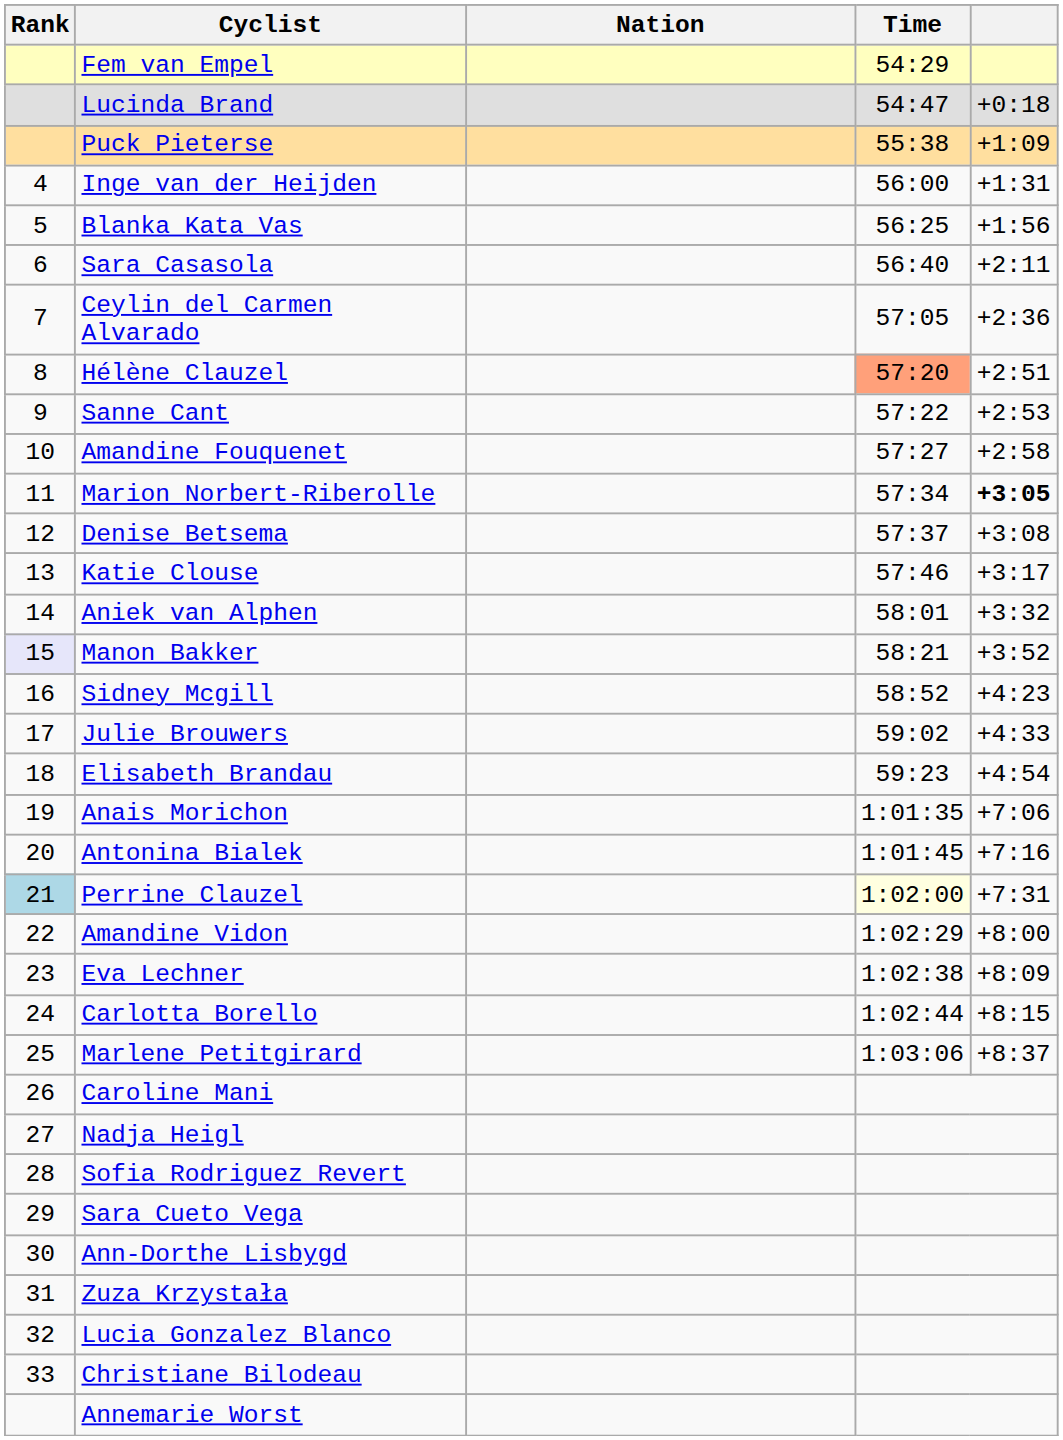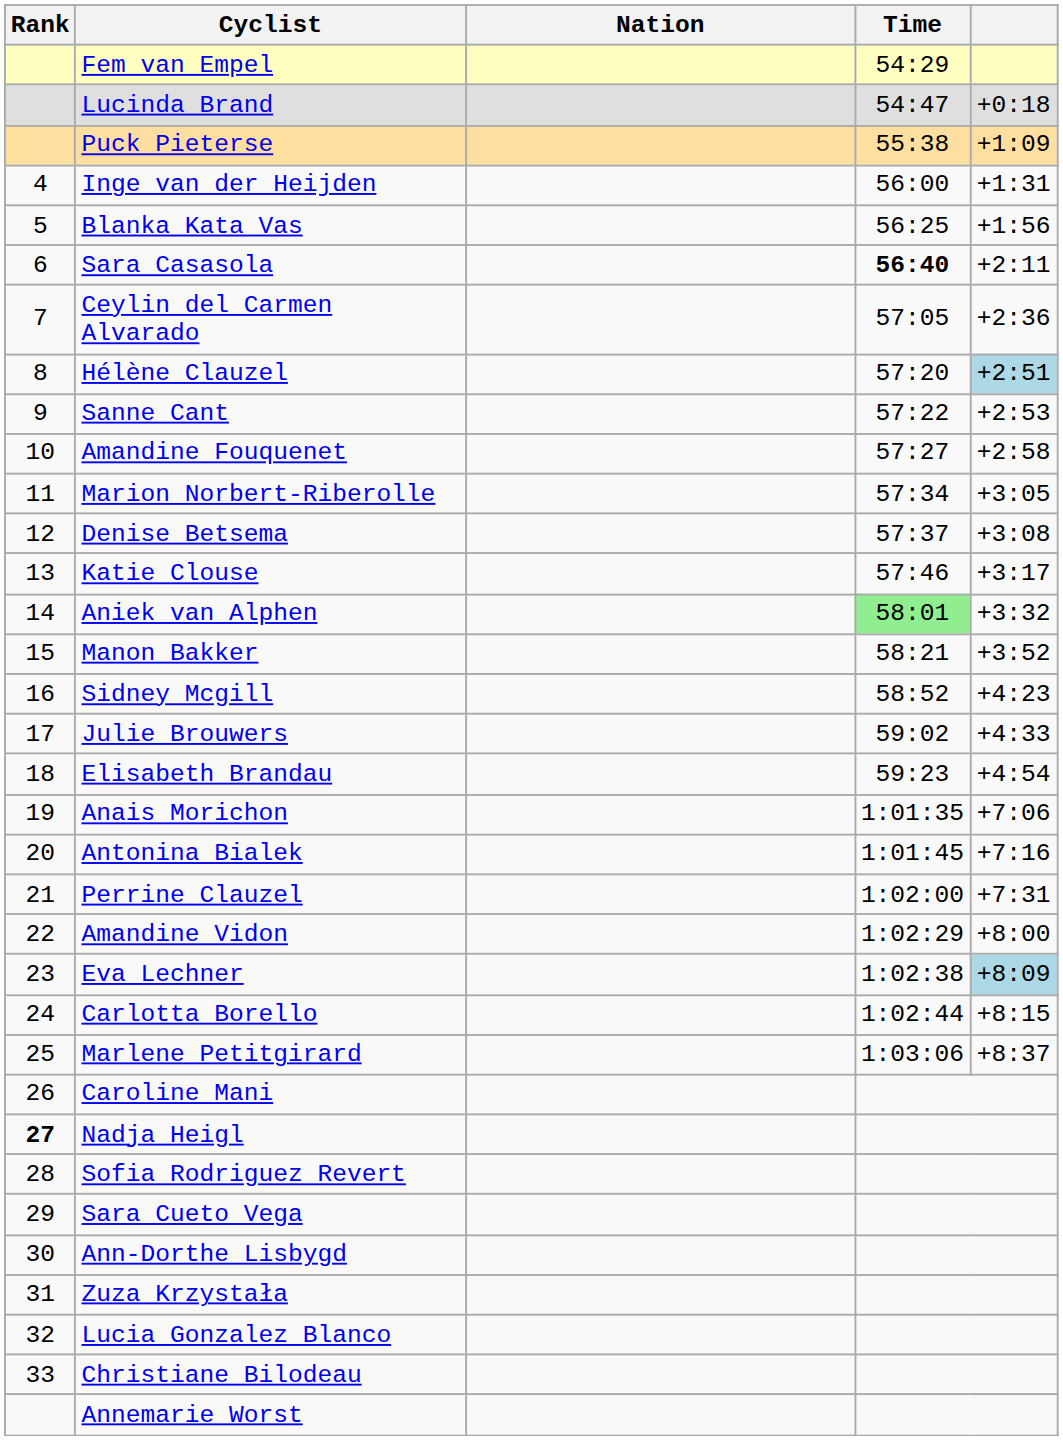 <table class="wikitable sortable" style="text-align:center">
 <tr style="background:#efefef;">
 <th width="30">Rank</th>
 <th width="200">Cyclist</th>
 <th width="200">Nation</th>
 <th width="40">Time</th>
 <th width="40"></th>
 </tr>
 <tr style="background:#FFFFBF;">
 <td></td>
 <td align="left"><a href='#'>Fem van Empel</a></td>
 <td align="left"></td>
 <td>54:29</td>
 <td></td>
 </tr>
 <tr style="background:#DFDFDF;">
 <td></td>
 <td align="left"><a href='#'>Lucinda Brand</a></td>
 <td align="left"></td>
 <td>54:47</td>
 <td>+0:18</td>
 </tr>
 <tr style="background:#FFDF9F;">
 <td></td>
 <td align="left"><a href='#'>Puck Pieterse</a></td>
 <td align="left"></td>
 <td>55:38</td>
 <td>+1:09</td>
 </tr>
 <tr>
 <td>4</td>
 <td align="left"><a href='#'>Inge van der Heijden</a></td>
 <td align="left"></td>
 <td>56:00</td>
 <td>+1:31</td>
 </tr>
 <tr>
 <td>5</td>
 <td align="left"><a href='#'>Blanka Kata Vas</a></td>
 <td align="left"></td>
 <td>56:25</td>
 <td>+1:56</td>
 </tr>
 <tr>
 <td>6</td>
 <td align="left"><a href='#'>Sara Casasola</a></td>
 <td align="left"></td>
-<td>56:40</td>
+<td><strong>56:40</strong></td>
 <td>+2:11</td>
 </tr>
 <tr>
 <td>7</td>
 <td align="left"><a href='#'>Ceylin del Carmen Alvarado</a></td>
 <td align="left"></td>
 <td>57:05</td>
 <td>+2:36</td>
 </tr>
 <tr>
 <td>8</td>
 <td align="left"><a href='#'>Hélène Clauzel</a></td>
 <td align="left"></td>
-<td style="background: lightsalmon;">57:20</td>
-<td>+2:51</td>
+<td>57:20</td>
+<td style="background: lightblue;">+2:51</td>
 </tr>
 <tr>
 <td>9</td>
 <td align="left"><a href='#'>Sanne Cant</a></td>
 <td align="left"></td>
 <td>57:22</td>
 <td>+2:53</td>
 </tr>
 <tr>
 <td>10</td>
 <td align="left"><a href='#'>Amandine Fouquenet</a></td>
 <td align="left"></td>
 <td>57:27</td>
 <td>+2:58</td>
 </tr>
 <tr>
 <td>11</td>
 <td align="left"><a href='#'>Marion Norbert-Riberolle</a></td>
 <td align="left"></td>
 <td>57:34</td>
-<td><strong>+3:05</strong></td>
+<td>+3:05</td>
 </tr>
 <tr>
 <td>12</td>
 <td align="left"><a href='#'>Denise Betsema</a></td>
 <td align="left"></td>
 <td>57:37</td>
 <td>+3:08</td>
 </tr>
 <tr>
 <td>13</td>
 <td align="left"><a href='#'>Katie Clouse</a></td>
 <td align="left"></td>
 <td>57:46</td>
 <td>+3:17</td>
 </tr>
 <tr>
 <td>14</td>
 <td align="left"><a href='#'>Aniek van Alphen</a></td>
 <td align="left"></td>
-<td>58:01</td>
+<td style="background: lightgreen;">58:01</td>
 <td>+3:32</td>
 </tr>
 <tr>
-<td style="background: lavender;">15</td>
+<td>15</td>
 <td align="left"><a href='#'>Manon Bakker</a></td>
 <td align="left"></td>
 <td>58:21</td>
 <td>+3:52</td>
 </tr>
 <tr>
 <td>16</td>
 <td align="left"><a href='#'>Sidney Mcgill</a></td>
 <td align="left"></td>
 <td>58:52</td>
 <td>+4:23</td>
 </tr>
 <tr>
 <td>17</td>
 <td align="left"><a href='#'>Julie Brouwers</a></td>
 <td align="left"></td>
 <td>59:02</td>
 <td>+4:33</td>
 </tr>
 <tr>
 <td>18</td>
 <td align="left"><a href='#'>Elisabeth Brandau</a></td>
 <td align="left"></td>
 <td>59:23</td>
 <td>+4:54</td>
 </tr>
 <tr>
 <td>19</td>
 <td align="left"><a href='#'>Anais Morichon</a></td>
 <td align="left"></td>
 <td>1:01:35</td>
 <td>+7:06</td>
 </tr>
 <tr>
 <td>20</td>
 <td align="left"><a href='#'>Antonina Bialek</a></td>
 <td align="left"></td>
 <td>1:01:45</td>
 <td>+7:16</td>
 </tr>
 <tr>
-<td style="background: lightblue;">21</td>
+<td>21</td>
 <td align="left"><a href='#'>Perrine Clauzel</a></td>
 <td align="left"></td>
-<td style="background: lightyellow;">1:02:00</td>
+<td>1:02:00</td>
 <td>+7:31</td>
 </tr>
 <tr>
 <td>22</td>
 <td align="left"><a href='#'>Amandine Vidon</a></td>
 <td align="left"></td>
 <td>1:02:29</td>
 <td>+8:00</td>
 </tr>
 <tr>
 <td>23</td>
 <td align="left"><a href='#'>Eva Lechner</a></td>
 <td align="left"></td>
 <td>1:02:38</td>
-<td>+8:09</td>
+<td style="background: lightblue;">+8:09</td>
 </tr>
 <tr>
 <td>24</td>
 <td align="left"><a href='#'>Carlotta Borello</a></td>
 <td align="left"></td>
 <td>1:02:44</td>
 <td>+8:15</td>
 </tr>
 <tr>
 <td>25</td>
 <td align="left"><a href='#'>Marlene Petitgirard</a></td>
 <td align="left"></td>
 <td>1:03:06</td>
 <td>+8:37</td>
 </tr>
 <tr>
 <td>26</td>
 <td align="left"><a href='#'>Caroline Mani</a></td>
 <td align="left"></td>
 <td colspan="2"></td>
 </tr>
 <tr>
-<td>27</td>
+<td><strong>27</strong></td>
 <td align="left"><a href='#'>Nadja Heigl</a></td>
 <td align="left"></td>
 <td colspan="2"></td>
 </tr>
 <tr>
 <td>28</td>
 <td align="left"><a href='#'>Sofia Rodriguez Revert</a></td>
 <td align="left"></td>
 <td colspan="2"></td>
 </tr>
 <tr>
 <td>29</td>
 <td align="left"><a href='#'>Sara Cueto Vega</a></td>
 <td align="left"></td>
 <td colspan="2"></td>
 </tr>
 <tr>
 <td>30</td>
 <td align="left"><a href='#'>Ann-Dorthe Lisbygd</a></td>
 <td align="left"></td>
 <td colspan="2"></td>
 </tr>
 <tr>
 <td>31</td>
 <td align="left"><a href='#'>Zuza Krzystała</a></td>
 <td align="left"></td>
 <td colspan="2"></td>
 </tr>
 <tr>
 <td>32</td>
 <td align="left"><a href='#'>Lucia Gonzalez Blanco</a></td>
 <td align="left"></td>
 <td colspan="2"></td>
 </tr>
 <tr>
 <td>33</td>
 <td align="left"><a href='#'>Christiane Bilodeau</a></td>
 <td align="left"></td>
 <td colspan="2"></td>
 </tr>
 <tr>
 <td></td>
 <td align="left"><a href='#'>Annemarie Worst</a></td>
 <td align="left"></td>
 <td colspan="2"></td>
 </tr>
 </table>
